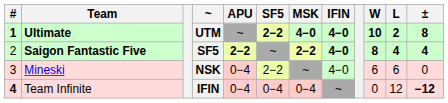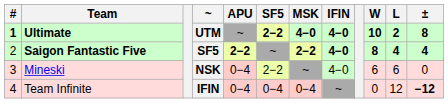 <table class="wikitable" style="font-size: 95%; text-align: center">
 <tr>
 <th width="15">#</th>
 <th style="width:200px;">Team</th>
 <th rowspan="5" style="width:5px;;"></th>
 <th>~</th>
 <th style="width:35px;" title="">APU</th>
 <th style="width:35px;" title="">SF5</th>
 <th style="width:35px;" title="">MSK</th>
 <th style="width:35px;" title="">IFIN</th>
 <th rowspan="5" style="width:5px;;"></th>
 <th style="width:20px;" title="Wins">W</th>
 <th style="width:20px;" title="Losses">L</th>
 <th style="width:40px;">±</th>
 </tr>
 <tr style="background:#cfc;">
 <td><strong>1</strong></td>
 <td style="text-align: left"><strong> Ultimate</strong></td>
 <th>UTM</th>
 <td style="background-color:#aaaaaa">~</td>
 <td style="background-color:#efa"><strong>2−2</strong></td>
 <td style="background-color:#ccffcc"><strong>4−0</strong></td>
 <td style="background-color:#ccffcc"><strong>4−0</strong></td>
 <td><strong>10</strong></td>
 <td><strong>2</strong></td>
 <td><strong>8</strong></td>
 </tr>
 <tr style="background:#cfc;">
 <td>2</td>
 <td style="text-align: left"><strong> Saigon Fantastic Five</strong></td>
 <th>SF5</th>
 <td style="background-color:#efa"><strong>2−2</strong></td>
 <td style="background-color:#aaaaaa">~</td>
 <td style="background-color:#efa"><strong>2−2</strong></td>
 <td style="background-color:#ccffcc"><strong>4−0</strong></td>
 <td><strong>8</strong></td>
 <td><strong>4</strong></td>
 <td><strong>4</strong></td>
 </tr>
 <tr style="background:#ffdbdb;">
 <td>3</td>
 <td style="text-align: left"> <a href='#'>Mineski</a></td>
 <th>NSK</th>
 <td style="background-color:#ffcccc">0−4</td>
 <td style="background-color:#efa">2−2</td>
 <td style="background-color:#aaaaaa">~</td>
 <td style="background-color:#ccffcc">4−0</td>
 <td>6</td>
 <td>6</td>
 <td>0</td>
 </tr>
 <tr style="background:#ffdbdb;">
-<td><strong>4</strong></td>
+<td>4</td>
 <td style="text-align: left"> Team Infinite</td>
 <th>IFIN</th>
 <td style="background-color:#ffcccc">0−4</td>
 <td style="background-color:#ffcccc">0−4</td>
 <td style="background-color:#ffcccc">0−4</td>
 <td style="background-color:#aaaaaa">~</td>
 <td>0</td>
 <td>12</td>
 <td><strong>−12</strong></td>
 </tr>
 </table>
